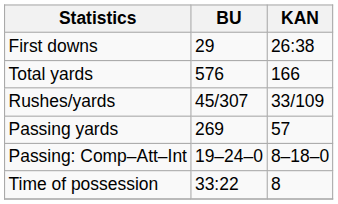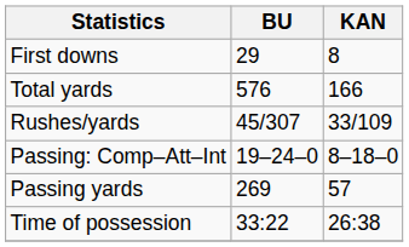 <table class="wikitable" style="float: left;">
 <tr>
 <th>Statistics</th>
 <th>BU</th>
 <th>KAN</th>
 </tr>
 <tr>
 <td>First downs</td>
 <td>29</td>
-<td>26:38</td>
+<td>8</td>
 </tr>
 <tr>
 <td>Total yards</td>
 <td>576</td>
 <td>166</td>
 </tr>
 <tr>
 <td>Rushes/yards</td>
 <td>45/307</td>
 <td>33/109</td>
 </tr>
 <tr>
+<td>Passing: Comp–Att–Int</td>
+<td>19–24–0</td>
+<td>8–18–0</td>
+</tr>
+<tr>
 <td>Passing yards</td>
 <td>269</td>
 <td>57</td>
 </tr>
 <tr>
-<td>Passing: Comp–Att–Int</td>
-<td>19–24–0</td>
-<td>8–18–0</td>
-</tr>
-<tr>
 <td>Time of possession</td>
 <td>33:22</td>
-<td>8</td>
+<td>26:38</td>
 </tr>
 <tr>
 </tr>
 </table>
